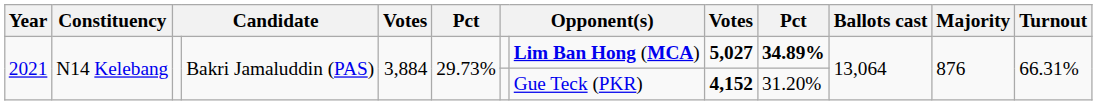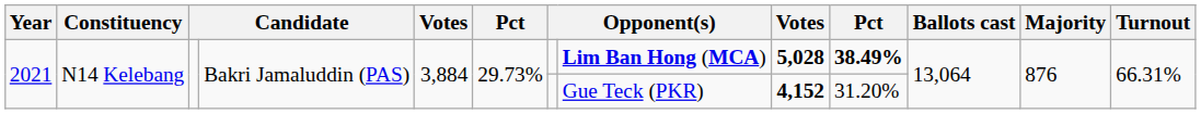 <table class="wikitable" style="margin:0.5em ; font-size:95%">
 <tr>
 <th>Year</th>
 <th>Constituency</th>
 <th colspan=2>Candidate</th>
 <th>Votes</th>
 <th>Pct</th>
 <th colspan=2>Opponent(s)</th>
 <th>Votes</th>
 <th>Pct</th>
 <th>Ballots cast</th>
 <th>Majority</th>
 <th>Turnout</th>
 </tr>
 <tr>
 <td rowspan="2"><a href='#'>2021</a></td>
 <td rowspan="2">N14 <a href='#'>Kelebang</a></td>
 <td rowspan="2" bgcolor=></td>
 <td rowspan="2">Bakri Jamaluddin (<a href='#'>PAS</a>)</td>
 <td rowspan="2" align="right">3,884</td>
 <td rowspan="2">29.73%</td>
 <td></td>
 <td><strong><a href='#'>Lim Ban Hong</a></strong> (<a href='#'><strong>MCA</strong></a>)</td>
-<td align="right"><strong>5,027</strong></td>
-<td><strong>34.89%</strong></td>
+<td align="right"><strong>5,028</strong></td>
+<td><strong>38.49%</strong></td>
 <td rowspan=2>13,064</td>
 <td rowspan=2>876</td>
 <td rowspan=2>66.31%</td>
 </tr>
 <tr>
 <td></td>
 <td><a href='#'>Gue Teck</a> (<a href='#'>PKR</a>)</td>
 <td align="right"><strong>4,152</strong></td>
 <td>31.20%</td>
 </tr>
 </table>
